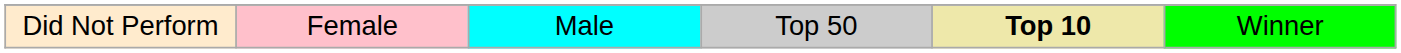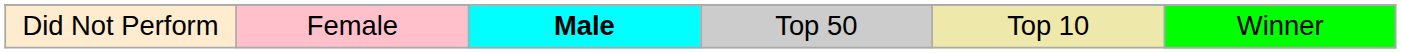 <table class="wikitable" style="margin:1em auto; text-align:center;">
 <tr>
 </tr>
 <tr>
 <td style="background:#FFEBCD;" width="15%">Did Not Perform</td>
 <td style="background:pink;" width="15%">Female</td>
-<td style="background:cyan;" width="15%">Male</td>
+<td style="background:cyan;" width="15%"><strong>Male</strong></td>
 <td style="background:#CCCCCC;" width="15%">Top 50</td>
-<td style="background:palegoldenrod;" width="15%"><strong>Top 10</strong></td>
+<td style="background:palegoldenrod;" width="15%">Top 10</td>
 <td style="background:lime;" width="15%">Winner</td>
 </tr>
 </table>
